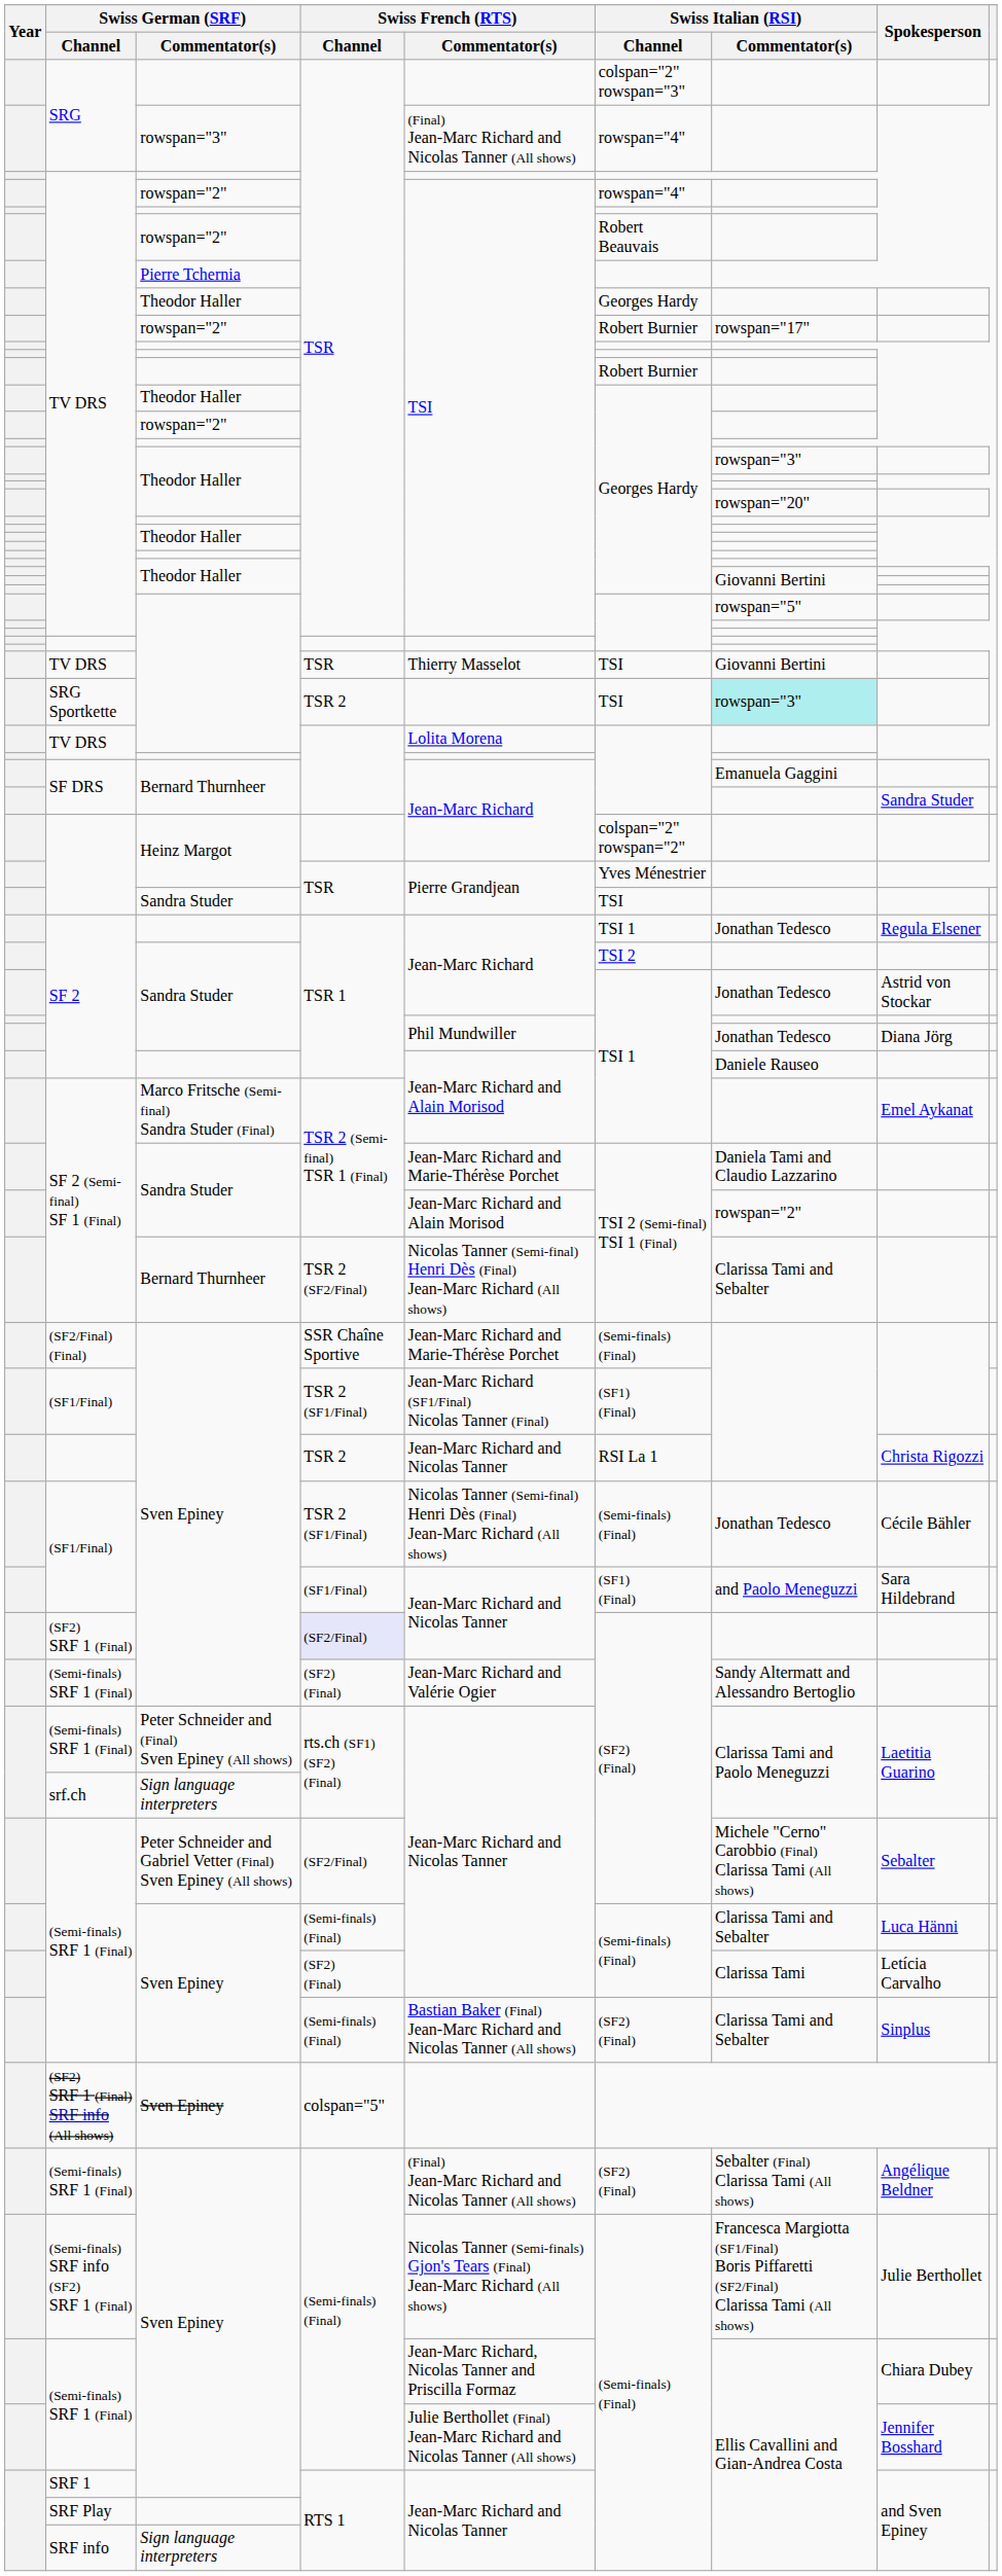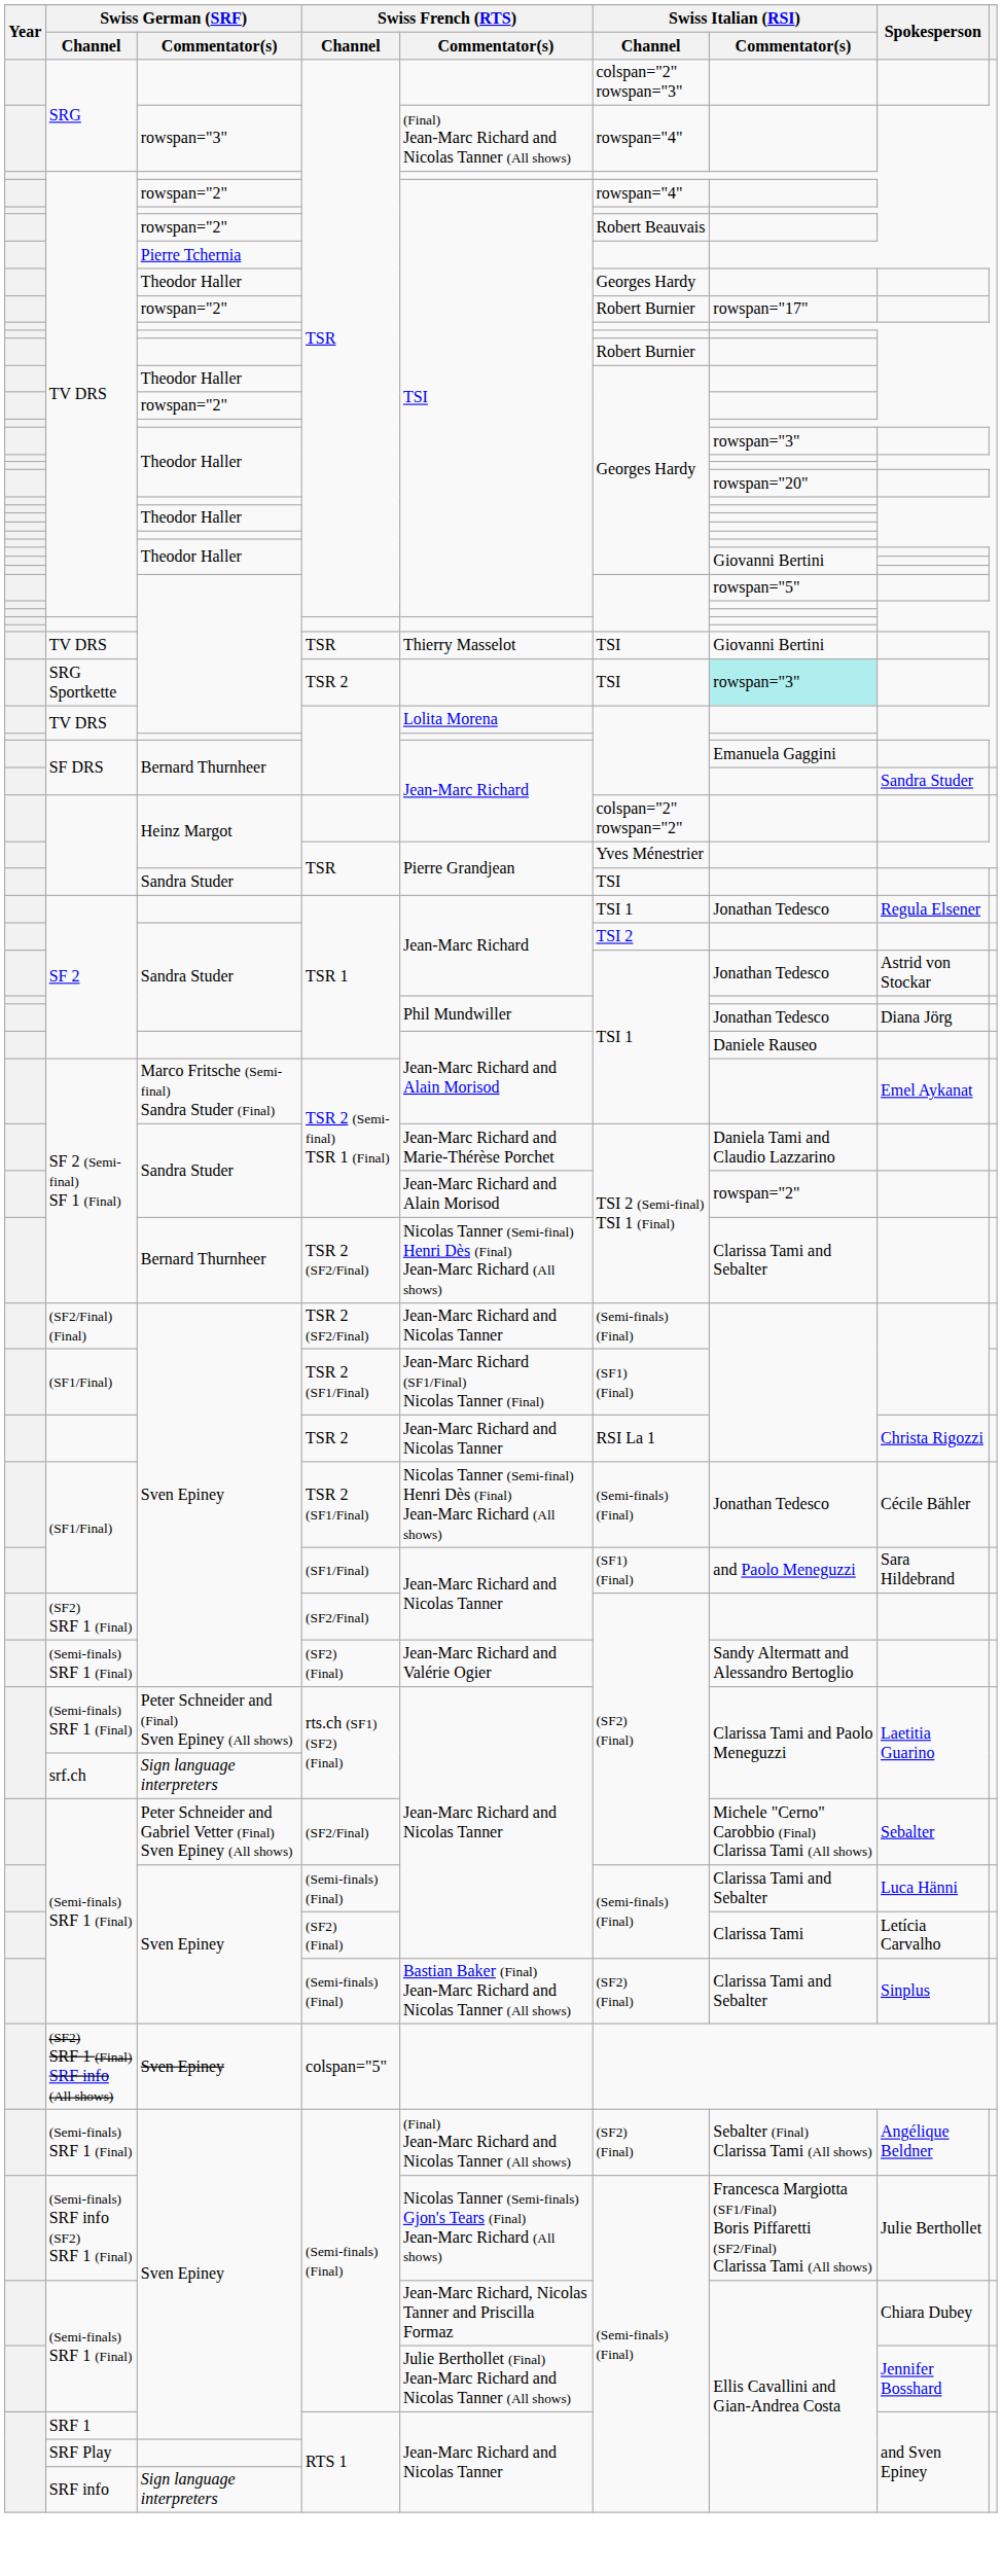 <table class="wikitable plainrowheaders sticky-header" style="font-size:90%; text-align:left;">
 <tr>
 </tr>
 <tr>
 <th rowspan="2">Year</th>
 <th colspan="2">Swiss German (<a href='#'>SRF</a>)</th>
 <th colspan="2">Swiss French (<a href='#'>RTS</a>)</th>
 <th colspan="2">Swiss Italian (<a href='#'>RSI</a>)</th>
 <th rowspan="2">Spokesperson</th>
 <th rowspan="2" class="unsortable"></th>
 </tr>
 <tr>
 <th>Channel</th>
 <th>Commentator(s)</th>
 <th>Channel</th>
 <th>Commentator(s)</th>
 <th>Channel</th>
 <th>Commentator(s)</th>
 </tr>
 <tr>
 <th scope="row"></th>
 <td rowspan="2"><a href='#'>SRG</a></td>
 <td></td>
 <td rowspan="31"><a href='#'>TSR</a></td>
 <td></td>
 <td>colspan="2" rowspan="3" </td>
 <td></td>
 <td style="text-align:center"></td>
 </tr>
 <tr>
 <th scope="row"></th>
 <td>rowspan="3" </td>
 <td> <small>(Final)</small><br> Jean-Marc Richard and Nicolas Tanner <small>(All shows)</small></td>
 <td>rowspan="4" </td>
 <td style="text-align:center"></td>
 </tr>
 <tr>
 <th scope="row"></th>
 <td rowspan="29">TV DRS</td>
 <td></td>
 <td style="text-align:center"></td>
 </tr>
 <tr>
 <th scope="row"></th>
 <td>rowspan="2" </td>
 <td rowspan="28"><a href='#'>TSI</a></td>
 <td>rowspan="4" </td>
 <td style="text-align:center"></td>
 </tr>
 <tr>
 <th scope="row"></th>
 <td></td>
 <td style="text-align:center"></td>
 </tr>
 <tr>
 <th scope="row"></th>
 <td>rowspan="2" </td>
 <td>Robert Beauvais</td>
 <td style="text-align:center"></td>
 </tr>
 <tr>
 <th scope="row"></th>
 <td><a href='#'>Pierre Tchernia</a></td>
 <td style="text-align:center"></td>
 </tr>
 <tr>
 <th scope="row"></th>
 <td>Theodor Haller</td>
 <td>Georges Hardy</td>
 <td></td>
 <td style="text-align:center"></td>
 </tr>
 <tr>
 <th scope="row"></th>
 <td>rowspan="2" </td>
 <td>Robert Burnier</td>
 <td>rowspan="17" </td>
 <td style="text-align:center"></td>
 </tr>
 <tr>
 <th scope="row"></th>
 <td></td>
 <td style="text-align:center"></td>
 </tr>
 <tr>
 <th scope="row"></th>
 <td></td>
 <td></td>
 <td style="text-align:center"></td>
 </tr>
 <tr>
 <th scope="row"></th>
 <td></td>
 <td>Robert Burnier</td>
 <td style="text-align:center"></td>
 </tr>
 <tr>
 <th scope="row"></th>
 <td>Theodor Haller</td>
 <td rowspan="16">Georges Hardy</td>
 <td style="text-align:center"></td>
 </tr>
 <tr>
 <th scope="row"></th>
 <td>rowspan="2" </td>
 <td style="text-align:center"></td>
 </tr>
 <tr>
 <th scope="row"></th>
 <td style="text-align:center"></td>
 </tr>
 <tr>
 <th scope="row"></th>
 <td rowspan="4">Theodor Haller</td>
 <td>rowspan="3" </td>
 <td style="text-align:center"></td>
 </tr>
 <tr>
 <th scope="row"></th>
 <td style="text-align:center"></td>
 </tr>
 <tr>
 <th scope="row"></th>
 <td style="text-align:center"></td>
 </tr>
 <tr>
 <th scope="row"></th>
 <td>rowspan="20" </td>
 <td style="text-align:center"></td>
 </tr>
 <tr>
 <th scope="row"></th>
 <td></td>
 <td style="text-align:center"></td>
 </tr>
 <tr>
 <th scope="row"></th>
 <td rowspan="3">Theodor Haller</td>
 <td style="text-align:center"></td>
 </tr>
 <tr>
 <th scope="row"></th>
 <td style="text-align:center"></td>
 </tr>
 <tr>
 <th scope="row"></th>
 <td style="text-align:center"></td>
 </tr>
 <tr>
 <th scope="row"></th>
 <td></td>
 <td style="text-align:center"></td>
 </tr>
 <tr>
 <th scope="row"></th>
 <td rowspan="4">Theodor Haller</td>
 <td style="text-align:center"></td>
 </tr>
 <tr>
 <th scope="row"></th>
 <td rowspan="3">Giovanni Bertini</td>
 <td style="text-align:center"></td>
 </tr>
 <tr>
 <th scope="row"></th>
 <td style="text-align:center"></td>
 </tr>
 <tr>
 <th scope="row"></th>
 <td style="text-align:center"></td>
 </tr>
 <tr>
 <th scope="row"></th>
 <td rowspan="8"></td>
 <td rowspan="5"></td>
 <td>rowspan="5" </td>
 <td style="text-align:center"></td>
 </tr>
 <tr>
 <th scope="row"></th>
 <td style="text-align:center"></td>
 </tr>
 <tr>
 <th scope="row"></th>
 <td style="text-align:center"></td>
 </tr>
 <tr>
 <th scope="row"></th>
 <td rowspan="2"></td>
 <td rowspan="2"></td>
 <td rowspan="2"></td>
 <td style="text-align:center"></td>
 </tr>
 <tr>
 <th scope="row"></th>
 <td style="text-align:center"></td>
 </tr>
 <tr>
 <th scope="row"></th>
 <td>TV DRS</td>
 <td>TSR</td>
 <td>Thierry Masselot</td>
 <td>TSI</td>
 <td>Giovanni Bertini</td>
 <td style="text-align:center"></td>
 </tr>
 <tr>
 <th scope="row"></th>
 <td>SRG Sportkette</td>
 <td>TSR 2</td>
 <td></td>
 <td>TSI</td>
 <td style="background: paleturquoise;">rowspan="3" </td>
 <td style="text-align:center"></td>
 </tr>
 <tr>
 <th scope="row"></th>
 <td rowspan="2">TV DRS</td>
 <td rowspan="4"></td>
 <td><a href='#'>Lolita Morena</a></td>
 <td rowspan="4"></td>
 <td style="text-align:center"></td>
 </tr>
 <tr>
 <th scope="row"></th>
 <td></td>
 <td></td>
 <td style="text-align:center"></td>
 </tr>
 <tr>
 <th scope="row"></th>
 <td rowspan="2">SF DRS</td>
 <td rowspan="2">Bernard Thurnheer</td>
 <td rowspan="3"><a href='#'>Jean-Marc Richard</a></td>
 <td>Emanuela Gaggini</td>
 <td style="text-align:center"></td>
 </tr>
 <tr>
 <th scope="row"></th>
 <td></td>
 <td><a href='#'>Sandra Studer</a></td>
 <td style="text-align:center"></td>
 </tr>
 <tr>
 <th scope="row"></th>
 <td rowspan="3"></td>
 <td rowspan="2">Heinz Margot</td>
 <td></td>
 <td>colspan="2" rowspan="2" </td>
 <td></td>
 <td style="text-align:center"></td>
 </tr>
 <tr>
 <th scope="row"></th>
 <td rowspan="2">TSR</td>
 <td rowspan="2">Pierre Grandjean</td>
 <td>Yves Ménestrier</td>
 <td style="text-align:center"></td>
 </tr>
 <tr>
 <th scope="row"></th>
 <td>Sandra Studer</td>
 <td>TSI</td>
 <td></td>
 <td></td>
 <td style="text-align:center"></td>
 </tr>
 <tr>
 <th scope="row"></th>
 <td rowspan="6"><a href='#'>SF 2</a></td>
 <td></td>
 <td rowspan="6">TSR 1</td>
 <td rowspan="3">Jean-Marc Richard</td>
 <td>TSI 1</td>
 <td>Jonathan Tedesco</td>
 <td><a href='#'>Regula Elsener</a></td>
 <td style="text-align:center"></td>
 </tr>
 <tr>
 <th scope="row"></th>
 <td rowspan="4">Sandra Studer</td>
 <td><a href='#'>TSI 2</a></td>
 <td></td>
 <td></td>
 <td style="text-align:center"></td>
 </tr>
 <tr>
 <th scope="row"></th>
 <td rowspan="5">TSI 1</td>
 <td>Jonathan Tedesco</td>
 <td>Astrid von Stockar</td>
 <td style="text-align:center"></td>
 </tr>
 <tr>
 <th scope="row"></th>
 <td rowspan="2">Phil Mundwiller</td>
 <td></td>
 <td></td>
 <td style="text-align:center"></td>
 </tr>
 <tr>
 <th scope="row"></th>
 <td>Jonathan Tedesco</td>
 <td>Diana Jörg</td>
 <td style="text-align:center"></td>
 </tr>
 <tr>
 <th scope="row"></th>
 <td></td>
 <td rowspan="2">Jean-Marc Richard and <a href='#'>Alain Morisod</a></td>
 <td>Daniele Rauseo</td>
 <td></td>
 <td style="text-align:center"></td>
 </tr>
 <tr>
 <th scope="row"></th>
 <td rowspan="4">SF 2 <small>(Semi-final)</small><br> SF 1 <small>(Final)</small></td>
 <td>Marco Fritsche <small>(Semi-final)</small><br> Sandra Studer <small>(Final)</small></td>
 <td rowspan="3"><a href='#'>TSR 2</a> <small>(Semi-final)</small><br> TSR 1 <small>(Final)</small></td>
 <td></td>
 <td><a href='#'>Emel Aykanat</a></td>
 <td style="text-align:center"></td>
 </tr>
 <tr>
 <th scope="row"></th>
 <td rowspan="2">Sandra Studer</td>
 <td>Jean-Marc Richard and Marie-Thérèse Porchet</td>
 <td rowspan="3">TSI 2 <small>(Semi-final)</small><br> TSI 1 <small>(Final)</small></td>
 <td>Daniela Tami and Claudio Lazzarino</td>
 <td></td>
 <td style="text-align:center"></td>
 </tr>
 <tr>
 <th scope="row"></th>
 <td>Jean-Marc Richard and Alain Morisod</td>
 <td>rowspan="2" </td>
 <td></td>
 <td style="text-align:center"></td>
 </tr>
 <tr>
 <th scope="row"></th>
 <td>Bernard Thurnheer</td>
 <td>TSR 2 <small>(SF2/Final)</small></td>
 <td>Nicolas Tanner <small>(Semi-final)</small><br> <a href='#'>Henri Dès</a> <small>(Final)</small><br> Jean-Marc Richard <small>(All shows)</small></td>
 <td>Clarissa Tami and Sebalter</td>
 <td style="text-align:center"></td>
 </tr>
 <tr>
 <th scope="row"></th>
 <td> <small>(SF2/Final)</small><br>  <small>(Final)</small></td>
 <td rowspan="7">Sven Epiney</td>
-<td>SSR Chaîne Sportive</td>
-<td>Jean-Marc Richard and Marie-Thérèse Porchet</td>
+<td>TSR 2 <small>(SF2/Final)</small></td>
+<td>Jean-Marc Richard and Nicolas Tanner</td>
 <td> <small>(Semi-finals)</small><br>  <small>(Final)</small></td>
 <td rowspan="3"></td>
 <td rowspan="2"></td>
 <td style="text-align:center"></td>
 </tr>
 <tr>
 <th scope="row"></th>
 <td> <small>(SF1/Final)</small></td>
 <td>TSR 2 <small>(SF1/Final)</small></td>
 <td>Jean-Marc Richard <small>(SF1/Final)</small><br> Nicolas Tanner <small>(Final)</small></td>
 <td> <small>(SF1)</small><br>  <small>(Final)</small></td>
 <td style="text-align:center"></td>
 </tr>
 <tr>
 <th scope="row"></th>
 <td></td>
 <td>TSR 2</td>
 <td>Jean-Marc Richard and Nicolas Tanner</td>
 <td>RSI La 1</td>
 <td><a href='#'>Christa Rigozzi</a></td>
 <td style="text-align:center"></td>
 </tr>
 <tr>
 <th scope="row"></th>
 <td rowspan="2"> <small>(SF1/Final)</small></td>
 <td>TSR 2 <small>(SF1/Final)</small></td>
 <td>Nicolas Tanner <small>(Semi-final)</small><br> Henri Dès <small>(Final)</small><br> Jean-Marc Richard <small>(All shows)</small></td>
 <td> <small>(Semi-finals)</small><br>  <small>(Final)</small></td>
 <td>Jonathan Tedesco</td>
 <td>Cécile Bähler</td>
 <td style="text-align:center"></td>
 </tr>
 <tr>
 <th scope="row"></th>
 <td> <small>(SF1/Final)</small></td>
 <td rowspan="2">Jean-Marc Richard and Nicolas Tanner</td>
 <td> <small>(SF1)</small><br>  <small>(Final)</small></td>
 <td> and <a href='#'>Paolo Meneguzzi</a></td>
 <td>Sara Hildebrand</td>
 <td style="text-align:center"></td>
 </tr>
 <tr>
 <th scope="row"></th>
 <td> <small>(SF2)</small><br> SRF 1 <small>(Final)</small></td>
-<td style="background: lavender;"> <small>(SF2/Final)</small></td>
+<td> <small>(SF2/Final)</small></td>
 <td rowspan="5"> <small>(SF2)</small><br>  <small>(Final)</small></td>
 <td></td>
 <td></td>
 <td style="text-align:center"></td>
 </tr>
 <tr>
 <th scope="row"></th>
 <td> <small>(Semi-finals)</small><br> SRF 1 <small>(Final)</small></td>
 <td> <small>(SF2)</small><br>  <small>(Final)</small></td>
 <td>Jean-Marc Richard and Valérie Ogier</td>
 <td>Sandy Altermatt and Alessandro Bertoglio</td>
 <td></td>
 <td style="text-align:center"></td>
 </tr>
 <tr>
 <th scope="row" rowspan="2"></th>
 <td> <small>(Semi-finals)</small><br> SRF 1 <small>(Final)</small></td>
 <td>Peter Schneider and  <small>(Final)</small><br> Sven Epiney <small>(All shows)</small></td>
 <td rowspan="2">rts.ch <small>(SF1)</small><br>  <small>(SF2)</small><br>  <small>(Final)</small></td>
 <td rowspan="5">Jean-Marc Richard and Nicolas Tanner</td>
 <td rowspan="2">Clarissa Tami and Paolo Meneguzzi</td>
 <td rowspan="2"><a href='#'>Laetitia Guarino</a></td>
 <td style="text-align:center" rowspan="2"></td>
 </tr>
 <tr>
 <td>srf.ch</td>
 <td><em>Sign language interpreters</em></td>
 </tr>
 <tr>
 <th scope="row"></th>
 <td rowspan="4"> <small>(Semi-finals)</small><br> SRF 1 <small>(Final)</small></td>
 <td>Peter Schneider and Gabriel Vetter <small>(Final)</small><br> Sven Epiney <small>(All shows)</small></td>
 <td> <small>(SF2/Final)</small></td>
 <td>Michele "Cerno" Carobbio  <small>(Final)</small><br> Clarissa Tami <small>(All shows)</small></td>
 <td><a href='#'>Sebalter</a></td>
 <td style="text-align:center"></td>
 </tr>
 <tr>
 <th scope="row"></th>
 <td rowspan="3">Sven Epiney</td>
 <td> <small>(Semi-finals)</small><br>  <small>(Final)</small></td>
 <td rowspan="2"> <small>(Semi-finals)</small><br>  <small>(Final)</small></td>
 <td>Clarissa Tami and Sebalter</td>
 <td><a href='#'>Luca Hänni</a></td>
 <td style="text-align:center"></td>
 </tr>
 <tr>
 <th scope="row"></th>
 <td> <small>(SF2)</small><br>  <small>(Final)</small></td>
 <td>Clarissa Tami</td>
 <td>Letícia Carvalho</td>
 <td style="text-align:center"></td>
 </tr>
 <tr>
 <th scope="row"></th>
 <td> <small>(Semi-finals)</small><br>  <small>(Final)</small></td>
 <td><a href='#'>Bastian Baker</a> <small>(Final)</small><br> Jean-Marc Richard and Nicolas Tanner <small>(All shows)</small></td>
 <td> <small>(SF2)</small><br>  <small>(Final)</small></td>
 <td>Clarissa Tami and Sebalter</td>
 <td><a href='#'>Sinplus</a></td>
 <td style="text-align:center"></td>
 </tr>
 <tr>
 <th scope="row"><s></s></th>
 <td><s> <small>(SF2)</small><br> SRF 1 <small>(Final)</small><br> <a href='#'>SRF info</a> <small>(All shows)</small></s></td>
 <td><s>Sven Epiney</s></td>
 <td>colspan="5" </td>
 <td style="text-align:center"></td>
 </tr>
 <tr>
 <th scope="row"></th>
 <td> <small>(Semi-finals)</small><br> SRF 1 <small>(Final)</small></td>
 <td rowspan="5">Sven Epiney</td>
 <td rowspan="4"> <small>(Semi-finals)</small><br>  <small>(Final)</small></td>
 <td> <small>(Final)</small><br> Jean-Marc Richard and Nicolas Tanner <small>(All shows)</small></td>
 <td> <small>(SF2)</small><br>  <small>(Final)</small></td>
 <td>Sebalter <small>(Final)</small><br> Clarissa Tami <small>(All shows)</small></td>
 <td><a href='#'>Angélique Beldner</a></td>
 <td style="text-align:center"></td>
 </tr>
 <tr>
 <th scope="row"></th>
 <td> <small>(Semi-finals)</small><br> SRF info <small>(SF2)</small><br> SRF 1 <small>(Final)</small></td>
 <td>Nicolas Tanner <small>(Semi-finals)</small><br> <a href='#'>Gjon's Tears</a> <small>(Final)</small><br> Jean-Marc Richard <small>(All shows)</small></td>
 <td rowspan="6"> <small>(Semi-finals)</small><br>  <small>(Final)</small></td>
 <td>Francesca Margiotta <small>(SF1/Final)</small><br> Boris Piffaretti <small>(SF2/Final)</small><br> Clarissa Tami <small>(All shows)</small></td>
 <td>Julie Berthollet</td>
 <td style="text-align:center"></td>
 </tr>
 <tr>
 <th scope="row"></th>
 <td rowspan="2"> <small>(Semi-finals)</small><br> SRF 1 <small>(Final)</small></td>
 <td>Jean-Marc Richard, Nicolas Tanner and Priscilla Formaz</td>
 <td rowspan="5">Ellis Cavallini and Gian-Andrea Costa</td>
 <td>Chiara Dubey</td>
 <td style="text-align:center"></td>
 </tr>
 <tr>
 <th scope="row"></th>
 <td>Julie Berthollet <small>(Final)</small><br> Jean-Marc Richard and Nicolas Tanner <small>(All shows)</small></td>
 <td><a href='#'>Jennifer Bosshard</a></td>
 <td style="text-align:center"></td>
 </tr>
 <tr>
 <th scope="rowgroup" rowspan="3"></th>
 <td>SRF 1</td>
 <td rowspan="3">RTS 1</td>
 <td rowspan="3">Jean-Marc Richard and Nicolas Tanner</td>
 <td rowspan="3"> and Sven Epiney</td>
 <td style="text-align:center" rowspan="3"></td>
 </tr>
 <tr>
 <td>SRF Play</td>
 <td></td>
 </tr>
 <tr>
 <td>SRF info</td>
 <td><em>Sign language interpreters</em></td>
 </tr>
 </table>
